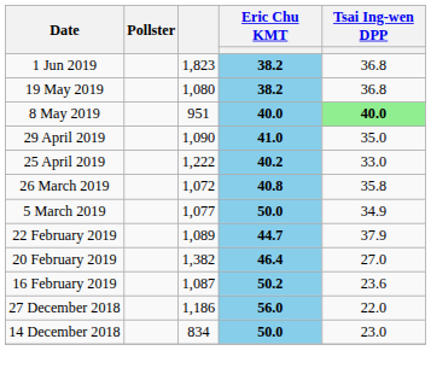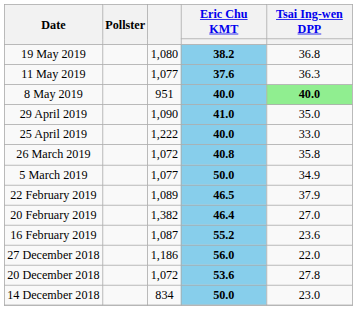 <table class="wikitable sortable collapsible" style="font-size:95%; text-align:center">
 <tr>
 <th rowspan=2>Date</th>
 <th rowspan=2>Pollster</th>
 <th rowspan=2></th>
 <th width=100px><a href='#'>Eric Chu</a><br><a href='#'>KMT</a></th>
 <th width=100px><a href='#'>Tsai Ing-wen</a><br><a href='#'>DPP</a></th>
 </tr>
 <tr>
 <th style="background:"></th>
 <th style="background:"></th>
 </tr>
 <tr>
-<td>1 Jun 2019</td>
-<td></td>
-<td>1,823</td>
-<td style="background-color:skyblue;"><strong>38.2</strong></td>
-<td>36.8</td>
-</tr>
-<tr>
 <td>19 May 2019</td>
 <td></td>
 <td>1,080</td>
 <td style="background-color:skyblue;"><strong>38.2</strong></td>
 <td>36.8</td>
+</tr>
+<tr>
+<td>11 May 2019</td>
+<td></td>
+<td>1,077</td>
+<td style="background-color:skyblue;"><strong>37.6</strong></td>
+<td>36.3</td>
 </tr>
 <tr>
 <td>8 May 2019</td>
 <td></td>
 <td>951</td>
 <td style="background-color:skyblue;"><strong>40.0</strong></td>
 <td style="background-color:lightgreen;"><strong>40.0</strong></td>
 </tr>
 <tr>
 <td>29 April 2019</td>
 <td></td>
 <td>1,090</td>
 <td style="background-color:skyblue;"><strong>41.0</strong></td>
 <td>35.0</td>
 </tr>
 <tr>
 <td>25 April 2019</td>
 <td></td>
 <td>1,222</td>
-<td style="background-color:skyblue;"><strong>40.2</strong></td>
+<td style="background-color:skyblue;"><strong>40.0</strong></td>
 <td>33.0</td>
 </tr>
 <tr>
 <td>26 March 2019</td>
 <td></td>
 <td>1,072</td>
 <td style="background-color:skyblue;"><strong>40.8</strong></td>
 <td>35.8</td>
 </tr>
 <tr>
 <td>5 March 2019</td>
 <td></td>
 <td>1,077</td>
 <td style="background-color:skyblue;"><strong>50.0</strong></td>
 <td>34.9</td>
 </tr>
 <tr>
 <td>22 February 2019</td>
 <td></td>
 <td>1,089</td>
-<td style="background-color:skyblue;"><strong>44.7</strong></td>
+<td style="background-color:skyblue;"><strong>46.5</strong></td>
 <td>37.9</td>
 </tr>
 <tr>
 <td>20 February 2019</td>
 <td></td>
 <td>1,382</td>
 <td style="background-color:skyblue;"><strong>46.4</strong></td>
 <td>27.0</td>
 </tr>
 <tr>
 <td>16 February 2019</td>
 <td></td>
 <td>1,087</td>
-<td style="background-color:skyblue;"><strong>50.2</strong></td>
+<td style="background-color:skyblue;"><strong>55.2</strong></td>
 <td>23.6</td>
 </tr>
 <tr>
 <td>27 December 2018</td>
 <td></td>
 <td>1,186</td>
 <td style="background-color:skyblue;"><strong>56.0</strong></td>
 <td>22.0</td>
+</tr>
+<tr>
+<td>20 December 2018</td>
+<td></td>
+<td>1,072</td>
+<td style="background-color:skyblue;"><strong>53.6</strong></td>
+<td>27.8</td>
 </tr>
 <tr>
 <td>14 December 2018</td>
 <td></td>
 <td>834</td>
 <td style="background-color:skyblue;"><strong>50.0</strong></td>
 <td>23.0</td>
 </tr>
 <tr>
 </tr>
 </table>
